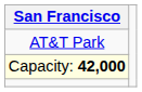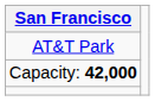 <table class="wikitable" style="text-align:center;">
 <tr>
 <th><a href='#'>San Francisco</a></th>
 <td rowspan="4"><br></td>
 </tr>
 <tr>
 <td><a href='#'>AT&T Park</a></td>
 </tr>
 <tr>
-<td style="background: lightyellow;">Capacity: <strong>42,000</strong></td>
+<td>Capacity: <strong>42,000</strong></td>
 </tr>
 <tr>
 <td></td>
 </tr>
 </table>
